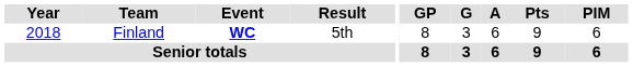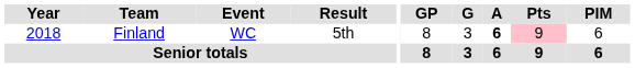 <table border="0" cellpadding="1" cellspacing="0" ID="Table3" style="text-align:center; width:40em">
 <tr ALIGN="center" bgcolor="#e0e0e0">
 <th>Year</th>
 <th>Team</th>
 <th>Event</th>
 <th>Result</th>
 <th rowspan="99" bgcolor="#ffffff"></th>
 <th>GP</th>
 <th>G</th>
 <th>A</th>
 <th>Pts</th>
 <th>PIM</th>
 </tr>
 <tr>
 <td><a href='#'>2018</a></td>
 <td><a href='#'>Finland</a></td>
-<td><strong><a href='#'>WC</a></strong></td>
+<td><a href='#'>WC</a></td>
 <td>5th</td>
 <td>8</td>
 <td>3</td>
-<td>6</td>
-<td>9</td>
+<td><strong>6</strong></td>
+<td style="background: pink;">9</td>
 <td>6</td>
 </tr>
 <tr bgcolor="#e0e0e0">
 <th colspan="4">Senior totals</th>
 <th>8</th>
 <th>3</th>
 <th>6</th>
 <th>9</th>
 <th>6</th>
 </tr>
 </table>
